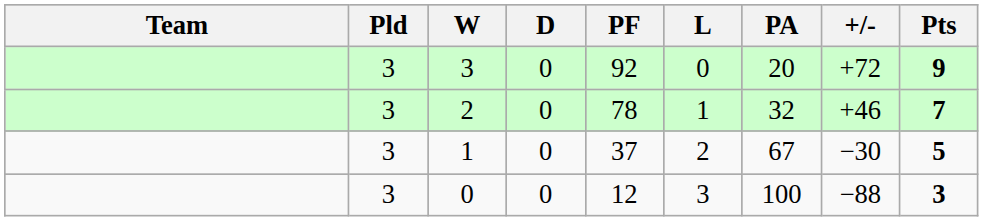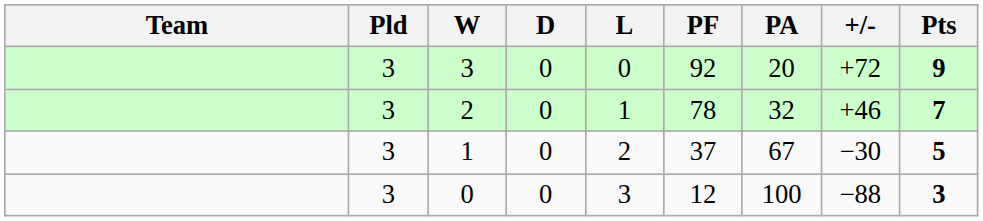 <table class="wikitable" style="text-align: center;">
 <tr>
 <th width="200">Team</th>
 <th width="40">Pld</th>
 <th width="40">W</th>
 <th width="40">D</th>
+<th width="40">L</th>
 <th width="40">PF</th>
-<th width="40">L</th>
 <th width="40">PA</th>
 <th width="40">+/-</th>
 <th width="40">Pts</th>
 </tr>
 <tr bgcolor=ccffcc>
 <td align=left></td>
 <td>3</td>
 <td>3</td>
 <td>0</td>
+<td>0</td>
 <td>92</td>
-<td>0</td>
 <td>20</td>
 <td>+72</td>
 <td><strong>9</strong></td>
 </tr>
 <tr bgcolor=ccffcc>
 <td align=left></td>
 <td>3</td>
 <td>2</td>
 <td>0</td>
+<td>1</td>
 <td>78</td>
-<td>1</td>
 <td>32</td>
 <td>+46</td>
 <td><strong>7</strong></td>
 </tr>
 <tr>
 <td align=left></td>
 <td>3</td>
 <td>1</td>
 <td>0</td>
+<td>2</td>
 <td>37</td>
-<td>2</td>
 <td>67</td>
 <td>−30</td>
 <td><strong>5</strong></td>
 </tr>
 <tr>
 <td align=left></td>
 <td>3</td>
 <td>0</td>
 <td>0</td>
+<td>3</td>
 <td>12</td>
-<td>3</td>
 <td>100</td>
 <td>−88</td>
 <td><strong>3</strong></td>
 </tr>
 </table>
